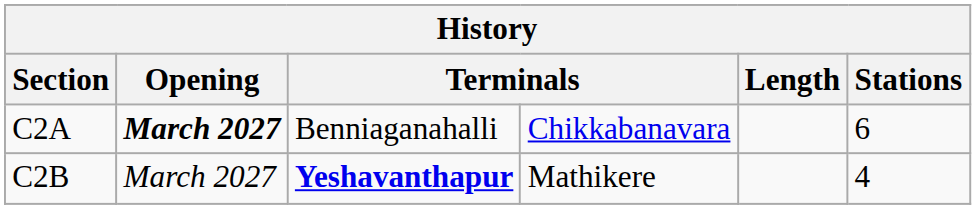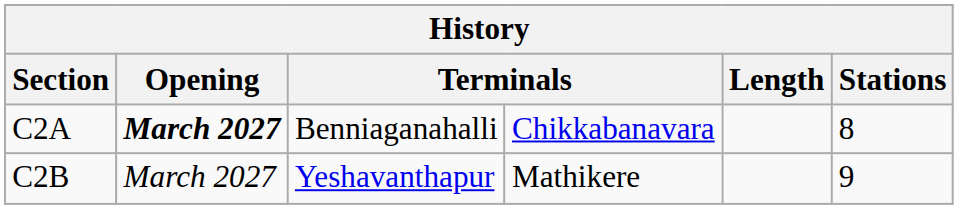 <table class="wikitable">
 <tr>
 <th colspan="6" style="background:#"><span><strong>History</strong></span></th>
 </tr>
 <tr>
 <th>Section</th>
 <th>Opening</th>
 <th colspan="2">Terminals</th>
 <th>Length</th>
 <th>Stations</th>
 </tr>
 <tr>
 <td>C2A</td>
 <td><strong><em>March 2027</em></strong></td>
 <td>Benniaganahalli</td>
 <td><a href='#'>Chikkabanavara</a></td>
 <td></td>
-<td>6</td>
+<td>8</td>
 </tr>
 <tr>
 <td>C2B</td>
 <td><em>March 2027</em></td>
-<td><strong><a href='#'>Yeshavanthapur</a></strong></td>
+<td><a href='#'>Yeshavanthapur</a></td>
 <td>Mathikere</td>
 <td></td>
-<td>4</td>
+<td>9</td>
 </tr>
 </table>
